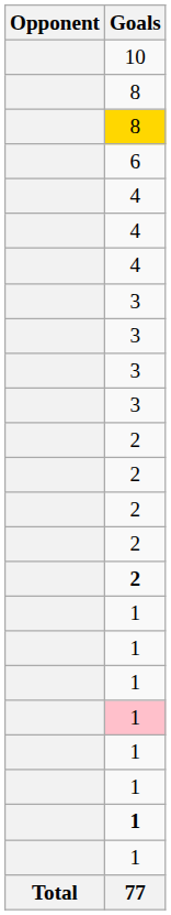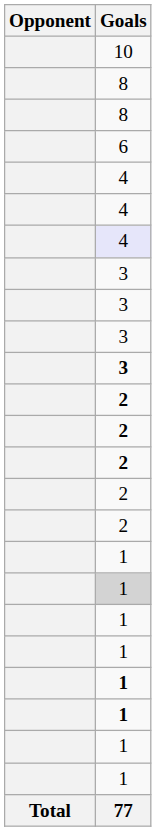 <table class="wikitable plainrowheaders sortable" style="text-align:center; font-size:95%;">
 <tr>
 <th scope="col">Opponent</th>
 <th scope="col">Goals</th>
 </tr>
 <tr>
 <th scope=row></th>
 <td>10</td>
 </tr>
 <tr>
 <th scope=row></th>
 <td>8</td>
 </tr>
 <tr>
 <th scope=row></th>
-<td style="background: gold;">8</td>
+<td>8</td>
 </tr>
 <tr>
 <th scope=row></th>
 <td>6</td>
 </tr>
 <tr>
 <th scope=row></th>
 <td>4</td>
 </tr>
 <tr>
 <th scope=row></th>
 <td>4</td>
 </tr>
 <tr>
 <th scope=row></th>
-<td>4</td>
+<td style="background: lavender;">4</td>
 </tr>
 <tr>
 <th scope=row></th>
 <td>3</td>
 </tr>
 <tr>
 <th scope=row></th>
 <td>3</td>
 </tr>
 <tr>
 <th scope=row></th>
 <td>3</td>
 </tr>
 <tr>
 <th scope=row></th>
-<td>3</td>
+<td><strong>3</strong></td>
+</tr>
+<tr>
+<th scope=row></th>
+<td><strong>2</strong></td>
+</tr>
+<tr>
+<th scope=row></th>
+<td><strong>2</strong></td>
+</tr>
+<tr>
+<th scope=row></th>
+<td><strong>2</strong></td>
 </tr>
 <tr>
 <th scope=row></th>
 <td>2</td>
 </tr>
 <tr>
 <th scope=row></th>
 <td>2</td>
 </tr>
 <tr>
 <th scope=row></th>
-<td>2</td>
-</tr>
-<tr>
-<th scope=row></th>
-<td>2</td>
-</tr>
-<tr>
-<th scope=row></th>
-<td><strong>2</strong></td>
-</tr>
-<tr>
-<th scope=row></th>
 <td>1</td>
 </tr>
 <tr>
 <th scope=row></th>
-<td>1</td>
-</tr>
-<tr>
-<th scope=row></th>
-<td>1</td>
-</tr>
-<tr>
-<th scope=row></th>
-<td style="background: pink;">1</td>
+<td style="background: lightgrey;">1</td>
 </tr>
 <tr>
 <th scope=row></th>
 <td>1</td>
 </tr>
 <tr>
 <th scope=row></th>
 <td>1</td>
 </tr>
 <tr>
 <th scope=row></th>
 <td><strong>1</strong></td>
 </tr>
 <tr>
 <th scope=row></th>
+<td><strong>1</strong></td>
+</tr>
+<tr>
+<th scope=row></th>
+<td>1</td>
+</tr>
+<tr>
+<th scope=row></th>
 <td>1</td>
 </tr>
 <tr>
 <th>Total</th>
 <th>77</th>
 </tr>
 </table>
